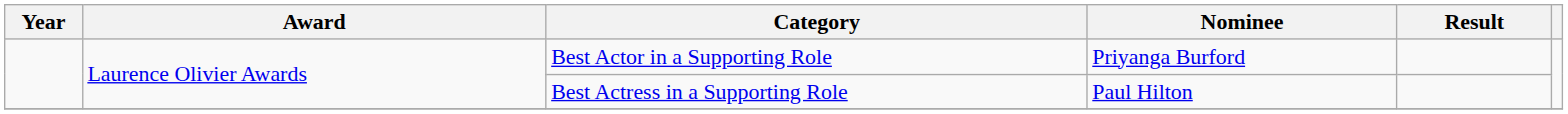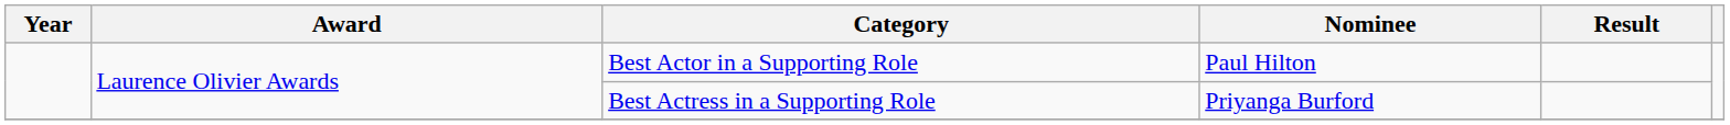 <table class="wikitable" width="90%">
 <tr>
 <th width="5%">Year</th>
 <th width="30%">Award</th>
 <th width="35%">Category</th>
 <th width="20%">Nominee</th>
 <th width="10%">Result</th>
 <th class=unsortable></th>
 </tr>
 <tr>
 <td rowspan=2></td>
 <td rowspan=2><a href='#'>Laurence Olivier Awards</a></td>
 <td><a href='#'>Best Actor in a Supporting Role</a></td>
-<td><a href='#'>Priyanga Burford</a></td>
+<td><a href='#'>Paul Hilton</a></td>
 <td></td>
 <td rowspan=2></td>
 </tr>
 <tr>
 <td><a href='#'>Best Actress in a Supporting Role</a></td>
-<td><a href='#'>Paul Hilton</a></td>
+<td><a href='#'>Priyanga Burford</a></td>
 <td></td>
 </tr>
 <tr>
 </tr>
 </table>
